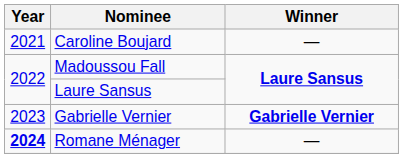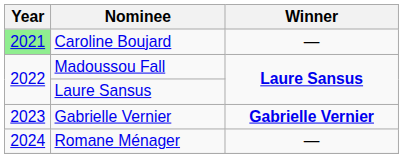 <table class="wikitable">
 <tr>
 <th width=40>Year</th>
 <th width=170>Nominee</th>
 <th width=170>Winner</th>
 </tr>
 <tr>
-<td align=center><a href='#'>2021</a></td>
+<td align=center style="background: lightgreen;"><a href='#'>2021</a></td>
 <td><a href='#'>Caroline Boujard</a></td>
 <td align=center>—</td>
 </tr>
 <tr>
 <td align=center rowspan=2><a href='#'>2022</a></td>
 <td><a href='#'>Madoussou Fall</a></td>
 <td align=center rowspan=2><strong><a href='#'>Laure Sansus</a></strong></td>
 </tr>
 <tr>
 <td><a href='#'>Laure Sansus</a></td>
 </tr>
 <tr>
 <td align=center><a href='#'>2023</a></td>
 <td><a href='#'>Gabrielle Vernier</a></td>
 <td align=center><strong><a href='#'>Gabrielle Vernier</a></strong></td>
 </tr>
 <tr>
-<td align=center><strong><a href='#'>2024</a></strong></td>
+<td align=center><a href='#'>2024</a></td>
 <td><a href='#'>Romane Ménager</a></td>
 <td align=center>—</td>
 </tr>
 <tr>
 </tr>
 </table>
